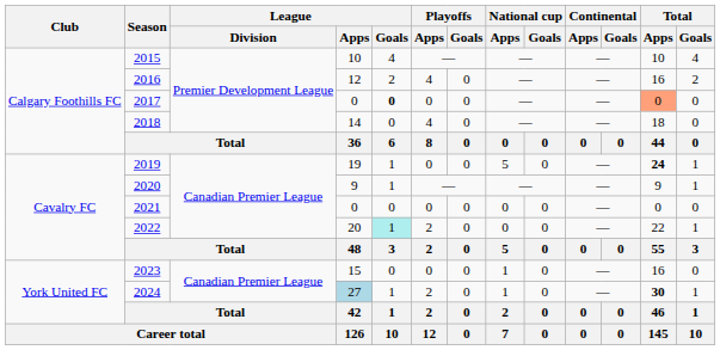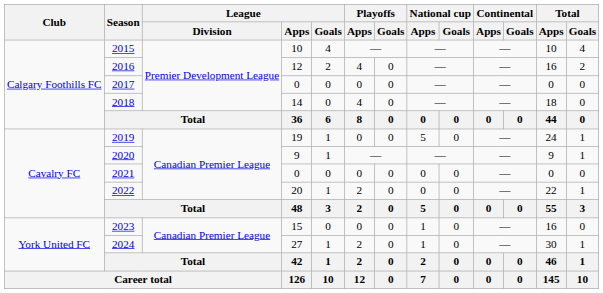 <table class="wikitable" style="text-align: center;">
 <tr>
 <th rowspan="2">Club</th>
 <th rowspan="2">Season</th>
 <th colspan="3">League</th>
 <th colspan="2">Playoffs</th>
 <th colspan="2">National cup</th>
 <th colspan="2">Continental</th>
 <th colspan="2">Total</th>
 </tr>
 <tr>
 <th>Division</th>
 <th>Apps</th>
 <th>Goals</th>
 <th>Apps</th>
 <th>Goals</th>
 <th>Apps</th>
 <th>Goals</th>
 <th>Apps</th>
 <th>Goals</th>
 <th>Apps</th>
 <th>Goals</th>
 </tr>
 <tr>
 <td rowspan="5"><a href='#'>Calgary Foothills FC</a></td>
 <td><a href='#'>2015</a></td>
 <td rowspan=4><a href='#'>Premier Development League</a></td>
 <td>10</td>
 <td>4</td>
 <td colspan="2">—</td>
 <td colspan="2">—</td>
 <td colspan="2">—</td>
 <td>10</td>
 <td>4</td>
 </tr>
 <tr>
 <td><a href='#'>2016</a></td>
 <td>12</td>
 <td>2</td>
 <td>4</td>
 <td>0</td>
 <td colspan="2">—</td>
 <td colspan="2">—</td>
 <td>16</td>
 <td>2</td>
 </tr>
 <tr>
 <td><a href='#'>2017</a></td>
 <td>0</td>
-<td><strong>0</strong></td>
+<td>0</td>
 <td>0</td>
 <td>0</td>
 <td colspan="2">—</td>
 <td colspan="2">—</td>
-<td style="background: lightsalmon;">0</td>
+<td>0</td>
 <td>0</td>
 </tr>
 <tr>
 <td><a href='#'>2018</a></td>
 <td>14</td>
 <td>0</td>
 <td>4</td>
 <td>0</td>
 <td colspan="2">—</td>
 <td colspan="2">—</td>
 <td>18</td>
 <td>0</td>
 </tr>
 <tr>
 <th colspan="2">Total</th>
 <th>36</th>
 <th>6</th>
 <th>8</th>
 <th>0</th>
 <th>0</th>
 <th>0</th>
 <th>0</th>
 <th>0</th>
 <th>44</th>
 <th>0</th>
 </tr>
 <tr>
 <td rowspan="5"><a href='#'>Cavalry FC</a></td>
 <td><a href='#'>2019</a></td>
 <td rowspan=4><a href='#'>Canadian Premier League</a></td>
 <td>19</td>
 <td>1</td>
 <td>0</td>
 <td>0</td>
 <td>5</td>
 <td>0</td>
 <td colspan="2">—</td>
-<td><strong>24</strong></td>
+<td>24</td>
 <td>1</td>
 </tr>
 <tr>
 <td><a href='#'>2020</a></td>
 <td>9</td>
 <td>1</td>
 <td colspan="2">—</td>
 <td colspan="2">—</td>
 <td colspan="2">—</td>
 <td>9</td>
 <td>1</td>
 </tr>
 <tr>
 <td><a href='#'>2021</a></td>
 <td>0</td>
 <td>0</td>
 <td>0</td>
 <td>0</td>
 <td>0</td>
 <td>0</td>
 <td colspan="2">—</td>
 <td>0</td>
 <td>0</td>
 </tr>
 <tr>
 <td><a href='#'>2022</a></td>
 <td>20</td>
-<td style="background: paleturquoise;">1</td>
+<td>1</td>
 <td>2</td>
 <td>0</td>
 <td>0</td>
 <td>0</td>
 <td colspan="2">—</td>
 <td>22</td>
 <td>1</td>
 </tr>
 <tr>
 <th colspan="2">Total</th>
 <th>48</th>
 <th>3</th>
 <th>2</th>
 <th>0</th>
 <th>5</th>
 <th>0</th>
 <th>0</th>
 <th>0</th>
 <th>55</th>
 <th>3</th>
 </tr>
 <tr>
 <td rowspan="3"><a href='#'>York United FC</a></td>
 <td><a href='#'>2023</a></td>
 <td rowspan="2"><a href='#'>Canadian Premier League</a></td>
 <td>15</td>
 <td>0</td>
 <td>0</td>
 <td>0</td>
 <td>1</td>
 <td>0</td>
 <td colspan="2">—</td>
 <td>16</td>
 <td>0</td>
 </tr>
 <tr>
 <td><a href='#'>2024</a></td>
-<td style="background: lightblue;">27</td>
+<td>27</td>
 <td>1</td>
 <td>2</td>
 <td>0</td>
 <td>1</td>
 <td>0</td>
 <td colspan="2">—</td>
-<td><strong>30</strong></td>
+<td>30</td>
 <td>1</td>
 </tr>
 <tr>
 <th colspan="2">Total</th>
 <th>42</th>
 <th>1</th>
 <th>2</th>
 <th>0</th>
 <th>2</th>
 <th>0</th>
 <th>0</th>
 <th>0</th>
 <th>46</th>
 <th>1</th>
 </tr>
 <tr>
 <th colspan="3">Career total</th>
 <th>126</th>
 <th>10</th>
 <th>12</th>
 <th>0</th>
 <th>7</th>
 <th>0</th>
 <th>0</th>
 <th>0</th>
 <th>145</th>
 <th>10</th>
 </tr>
 </table>
